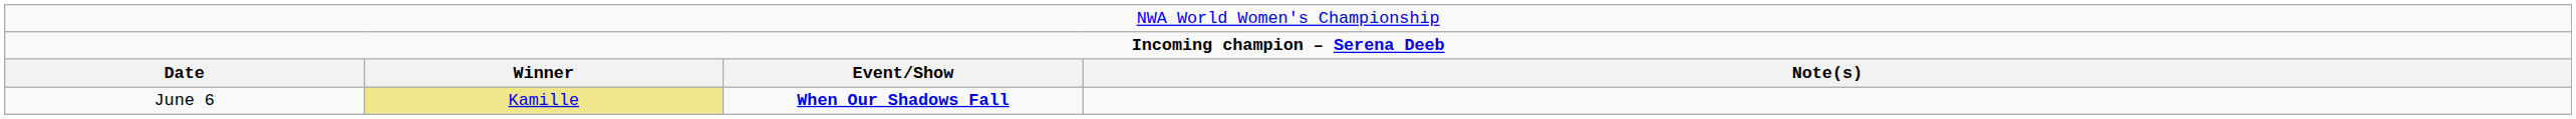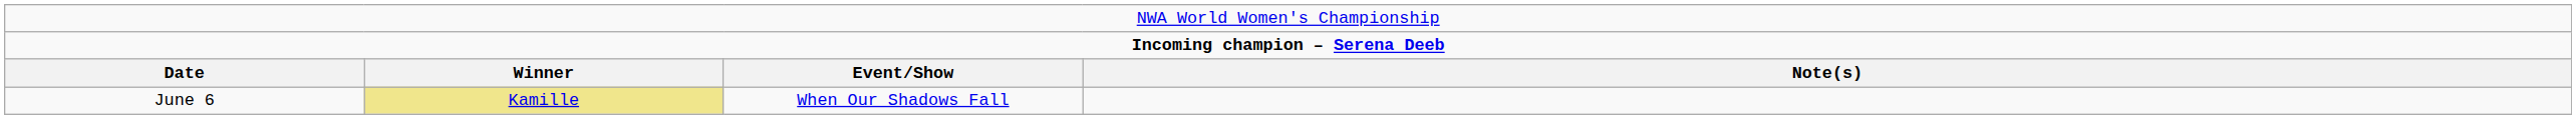 <table class="wikitable" style="text-align:center; width:100%;">
 <tr>
 <td colspan="4" style="text-align: center;"><a href='#'>NWA World Women's Championship</a></td>
 </tr>
 <tr>
 <td colspan="4" style="text-align: center;"><strong>Incoming champion – <a href='#'>Serena Deeb</a></strong></td>
 </tr>
 <tr>
 <th width=14%>Date</th>
 <th width=14%>Winner</th>
 <th width=14%>Event/Show</th>
 <th width=58%>Note(s)</th>
 </tr>
 <tr>
 <td>June 6</td>
 <td style="background: khaki;"><a href='#'>Kamille</a></td>
-<td><strong><a href='#'>When Our Shadows Fall</a></strong></td>
+<td><a href='#'>When Our Shadows Fall</a></td>
 <td></td>
 </tr>
 </table>
